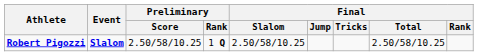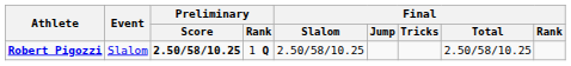 <table class=wikitable style=font-size:90%;text-align:center>
 <tr>
 <th rowspan=2>Athlete</th>
 <th rowspan=2>Event</th>
 <th colspan=2>Preliminary</th>
 <th colspan=5>Final</th>
 </tr>
 <tr style=font-size:95%>
 <th>Score</th>
 <th>Rank</th>
 <th>Slalom</th>
 <th>Jump</th>
 <th>Tricks</th>
 <th>Total</th>
 <th>Rank</th>
 </tr>
 <tr style="text-align:center">
 <td style="text-align:left"><strong><a href='#'>Robert Pigozzi</a></strong></td>
-<td style="text-align:left"><strong><a href='#'>Slalom</a></strong></td>
-<td>2.50/58/10.25</td>
+<td style="text-align:left"><a href='#'>Slalom</a></td>
+<td><strong>2.50/58/10.25</strong></td>
 <td>1 <strong>Q</strong></td>
 <td>2.50/58/10.25</td>
 <td></td>
 <td></td>
 <td>2.50/58/10.25</td>
 <td></td>
 </tr>
 </table>
